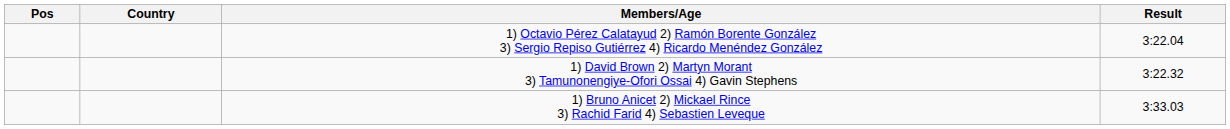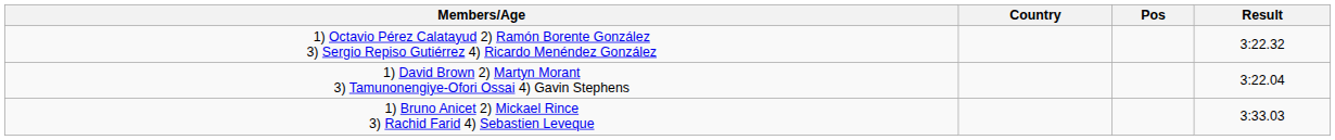 <table class="wikitable"  style="text-align:center; width:80%;">
 <tr>
+<th>Members/Age</th>
+<th>Country</th>
 <th>Pos</th>
-<th>Country</th>
-<th>Members/Age</th>
 <th>Result</th>
 </tr>
 <tr>
+<td>1) <a href='#'>Octavio Pérez Calatayud</a> 2) <a href='#'>Ramón Borente González</a><br>3) <a href='#'>Sergio Repiso Gutiérrez</a> 4) <a href='#'>Ricardo Menéndez González</a></td>
+<td align=left></td>
 <td align=center></td>
+<td>3:22.32</td>
+</tr>
+<tr>
+<td>1) <a href='#'>David Brown</a> 2) <a href='#'>Martyn Morant</a><br>3) <a href='#'>Tamunonengiye-Ofori Ossai</a> 4) Gavin Stephens</td>
 <td align=left></td>
-<td>1) <a href='#'>Octavio Pérez Calatayud</a> 2) <a href='#'>Ramón Borente González</a><br>3) <a href='#'>Sergio Repiso Gutiérrez</a> 4) <a href='#'>Ricardo Menéndez González</a></td>
+<td align=center></td>
 <td>3:22.04</td>
 </tr>
 <tr>
+<td>1) <a href='#'>Bruno Anicet</a> 2) <a href='#'>Mickael Rince</a><br>3) <a href='#'>Rachid Farid</a> 4) <a href='#'>Sebastien Leveque</a></td>
+<td align=left></td>
 <td align=center></td>
-<td align=left></td>
-<td>1) <a href='#'>David Brown</a> 2) <a href='#'>Martyn Morant</a><br>3) <a href='#'>Tamunonengiye-Ofori Ossai</a> 4) Gavin Stephens</td>
-<td>3:22.32</td>
-</tr>
-<tr>
-<td align=center></td>
-<td align=left></td>
-<td>1) <a href='#'>Bruno Anicet</a> 2) <a href='#'>Mickael Rince</a><br>3) <a href='#'>Rachid Farid</a> 4) <a href='#'>Sebastien Leveque</a></td>
 <td>3:33.03</td>
 </tr>
 </table>
